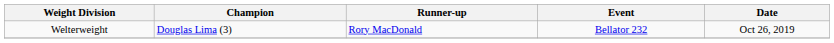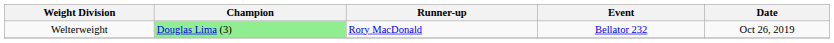 <table class="wikitable" width="99%" style="text-align:center;">
 <tr>
 <th width="18%">Weight Division</th>
 <th width="23%">Champion</th>
 <th width="23%">Runner-up</th>
 <th width="20%">Event</th>
 <th width="15%">Date</th>
 </tr>
 <tr>
 <td>Welterweight</td>
-<td align=left> <a href='#'>Douglas Lima</a> (3)</td>
+<td align=left style="background: lightgreen;"> <a href='#'>Douglas Lima</a> (3)</td>
 <td align=left> <a href='#'>Rory MacDonald</a></td>
 <td><a href='#'>Bellator 232</a></td>
 <td>Oct 26, 2019</td>
 </tr>
 <tr>
 </tr>
 </table>
